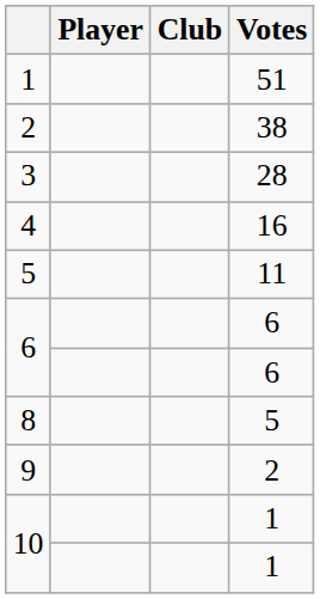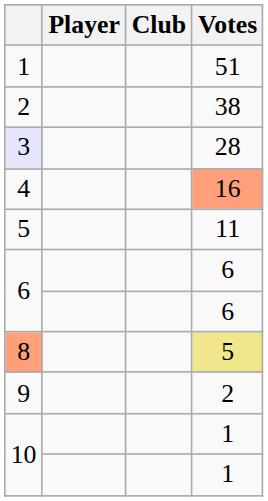 <table class="wikitable sortable" style="text-align:center">
 <tr>
 <th></th>
 <th>Player</th>
 <th>Club</th>
 <th>Votes</th>
 </tr>
 <tr>
 <td>1</td>
 <td></td>
 <td></td>
 <td>51</td>
 </tr>
 <tr>
 <td>2</td>
 <td></td>
 <td></td>
 <td>38</td>
 </tr>
 <tr>
-<td>3</td>
+<td style="background: lavender;">3</td>
 <td></td>
 <td></td>
 <td>28</td>
 </tr>
 <tr>
 <td>4</td>
 <td></td>
 <td></td>
-<td>16</td>
+<td style="background: lightsalmon;">16</td>
 </tr>
 <tr>
 <td>5</td>
 <td></td>
 <td></td>
 <td>11</td>
 </tr>
 <tr>
 <td rowspan="2">6</td>
 <td></td>
 <td></td>
 <td>6</td>
 </tr>
 <tr>
 <td></td>
 <td></td>
 <td>6</td>
 </tr>
 <tr>
-<td>8</td>
+<td style="background: lightsalmon;">8</td>
 <td></td>
 <td></td>
-<td>5</td>
+<td style="background: khaki;">5</td>
 </tr>
 <tr>
 <td>9</td>
 <td></td>
 <td></td>
 <td>2</td>
 </tr>
 <tr>
 <td rowspan="2">10</td>
 <td></td>
 <td></td>
 <td>1</td>
 </tr>
 <tr>
 <td></td>
 <td></td>
 <td>1</td>
 </tr>
 </table>
